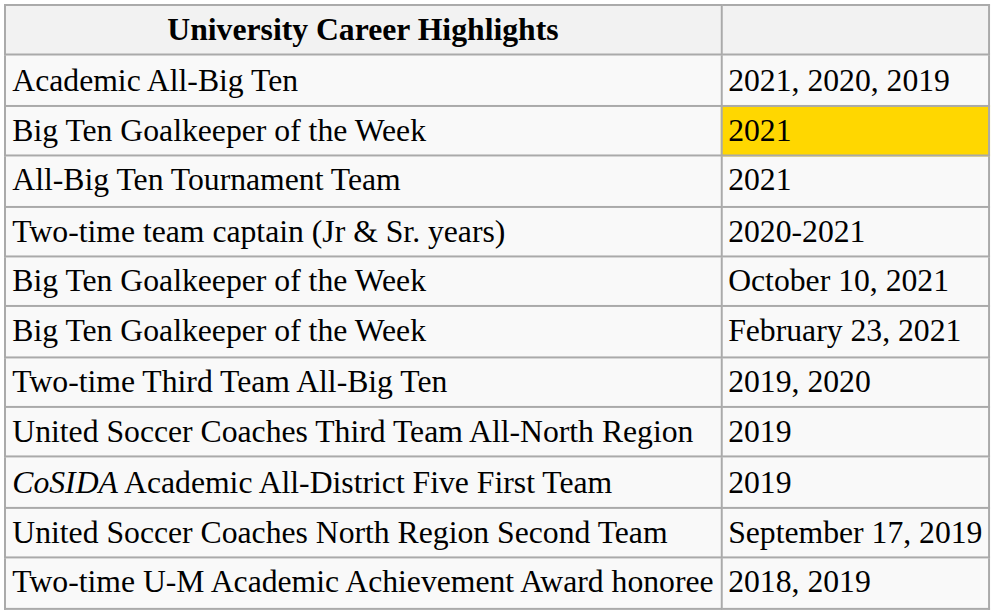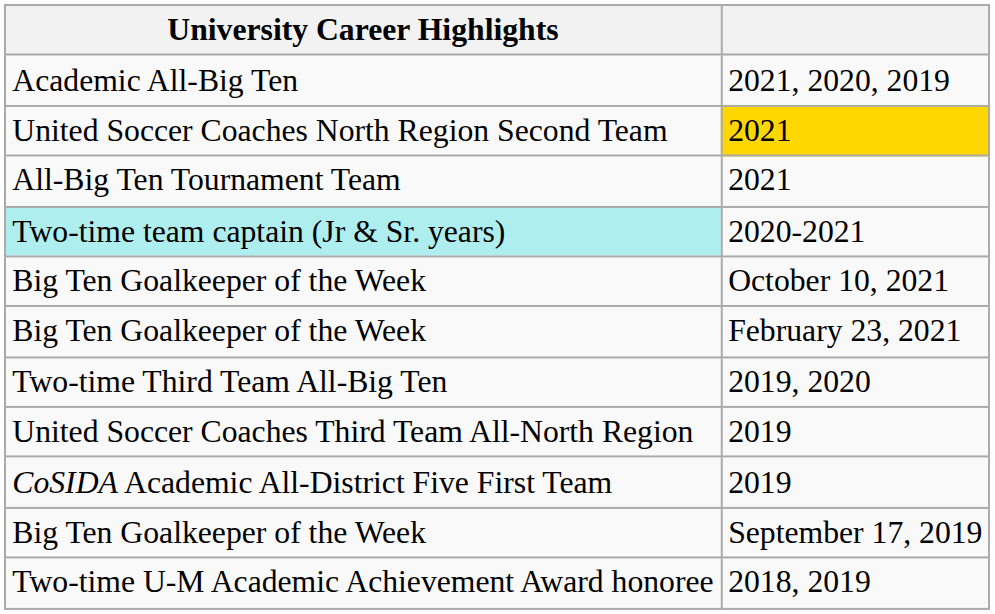 <table class="wikitable">
 <tr>
 <th>University Career Highlights</th>
 <th></th>
 </tr>
 <tr>
 <td>Academic All-Big Ten</td>
 <td>2021, 2020, 2019</td>
 </tr>
 <tr>
-<td>Big Ten Goalkeeper of the Week</td>
+<td>United Soccer Coaches North Region Second Team</td>
 <td style="background: gold;">2021</td>
 </tr>
 <tr>
 <td>All-Big Ten Tournament Team</td>
 <td>2021</td>
 </tr>
 <tr>
-<td>Two-time team captain (Jr & Sr. years)</td>
+<td style="background: paleturquoise;">Two-time team captain (Jr & Sr. years)</td>
 <td>2020-2021</td>
 </tr>
 <tr>
 <td>Big Ten Goalkeeper of the Week</td>
 <td>October 10, 2021</td>
 </tr>
 <tr>
 <td>Big Ten Goalkeeper of the Week</td>
 <td>February 23, 2021</td>
 </tr>
 <tr>
 <td>Two-time Third Team All-Big Ten</td>
 <td>2019, 2020</td>
 </tr>
 <tr>
 <td>United Soccer Coaches Third Team All-North Region</td>
 <td>2019</td>
 </tr>
 <tr>
 <td><em>CoSIDA</em> Academic All-District Five First Team</td>
 <td>2019</td>
 </tr>
 <tr>
-<td>United Soccer Coaches North Region Second Team</td>
+<td>Big Ten Goalkeeper of the Week</td>
 <td>September 17, 2019</td>
 </tr>
 <tr>
 <td>Two-time U-M Academic Achievement Award honoree</td>
 <td>2018, 2019</td>
 </tr>
 </table>
